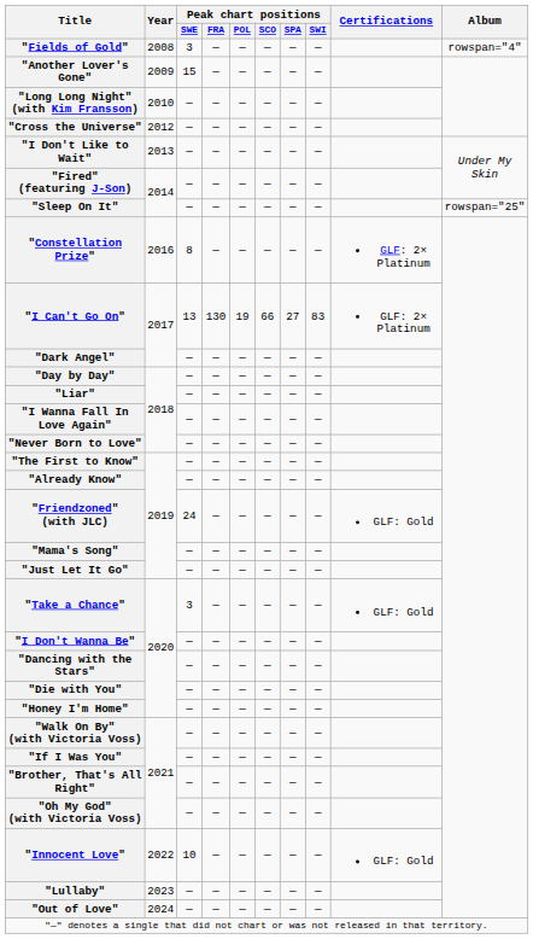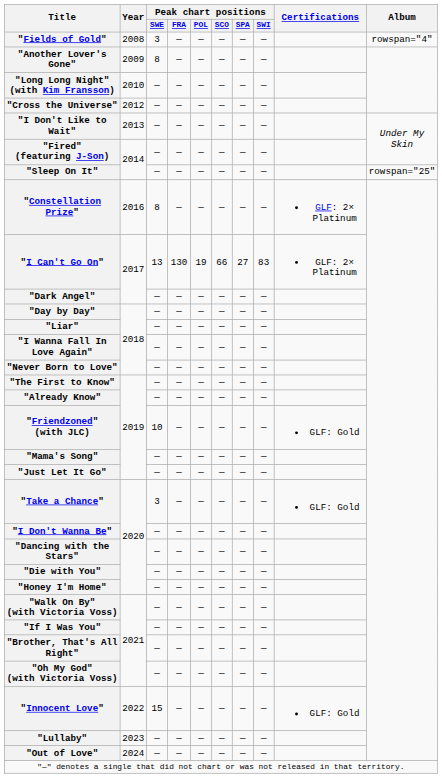 <table class="wikitable plainrowheaders" style="text-align:center;">
 <tr>
 <th scope="col" rowspan="2" style="width:20em;">Title</th>
 <th scope="col" rowspan="2" style="width:1em;">Year</th>
 <th scope="col" colspan="6">Peak chart positions</th>
 <th scope="col" rowspan="2" style="width:12em;"><a href='#'>Certifications</a></th>
 <th scope="col" rowspan="2">Album</th>
 </tr>
 <tr>
 <th scope="col" style="width:3em;font-size:85%;"><a href='#'>SWE</a><br></th>
 <th scope="col" style="width:3em;font-size:85%;"><a href='#'>FRA</a><br></th>
 <th scope="col" style="width:3em;font-size:85%;"><a href='#'>POL</a><br></th>
 <th scope="col" style="width:3em;font-size:85%;"><a href='#'>SCO</a><br></th>
 <th scope="col" style="width:3em;font-size:85%;"><a href='#'>SPA</a><br></th>
 <th scope="col" style="width:3em;font-size:85%;"><a href='#'>SWI</a><br></th>
 </tr>
 <tr>
 <th scope="row">"<a href='#'>Fields of Gold</a>"</th>
 <td>2008</td>
 <td>3</td>
 <td>—</td>
 <td>—</td>
 <td>—</td>
 <td>—</td>
 <td>—</td>
 <td></td>
 <td>rowspan="4" </td>
 </tr>
 <tr>
 <th scope="row">"Another Lover's Gone"</th>
 <td>2009</td>
-<td>15</td>
+<td>8</td>
 <td>—</td>
 <td>—</td>
 <td>—</td>
 <td>—</td>
 <td>—</td>
 <td></td>
 </tr>
 <tr>
 <th scope="row">"Long Long Night"<br><span>(with <a href='#'>Kim Fransson</a>)</span></th>
 <td>2010</td>
 <td>—</td>
 <td>—</td>
 <td>—</td>
 <td>—</td>
 <td>—</td>
 <td>—</td>
 <td></td>
 </tr>
 <tr>
 <th scope="row">"Cross the Universe"</th>
 <td>2012</td>
 <td>—</td>
 <td>—</td>
 <td>—</td>
 <td>—</td>
 <td>—</td>
 <td>—</td>
 <td></td>
 </tr>
 <tr>
 <th scope="row">"I Don't Like to Wait"</th>
 <td>2013</td>
 <td>—</td>
 <td>—</td>
 <td>—</td>
 <td>—</td>
 <td>—</td>
 <td>—</td>
 <td></td>
 <td rowspan="2"><em>Under My Skin</em></td>
 </tr>
 <tr>
 <th scope="row">"Fired"<br><span>(featuring <a href='#'>J-Son</a>)</span></th>
 <td rowspan="2">2014</td>
 <td>—</td>
 <td>—</td>
 <td>—</td>
 <td>—</td>
 <td>—</td>
 <td>—</td>
 <td></td>
 </tr>
 <tr>
 <th scope="row">"Sleep On It"</th>
 <td>—</td>
 <td>—</td>
 <td>—</td>
 <td>—</td>
 <td>—</td>
 <td>—</td>
 <td></td>
 <td>rowspan="25" </td>
 </tr>
 <tr>
 <th scope="row">"<a href='#'>Constellation Prize</a>"</th>
 <td>2016</td>
 <td>8</td>
 <td>—</td>
 <td>—</td>
 <td>—</td>
 <td>—</td>
 <td>—</td>
 <td><br><ul><li><a href='#'>GLF</a>: 2× Platinum</li></ul></td>
 </tr>
 <tr>
 <th scope="row">"<a href='#'>I Can't Go On</a>"</th>
 <td rowspan="2">2017</td>
 <td>13</td>
 <td>130</td>
 <td>19</td>
 <td>66</td>
 <td>27</td>
 <td>83</td>
 <td><br><ul><li>GLF: 2× Platinum</li></ul></td>
 </tr>
 <tr>
 <th scope="row">"Dark Angel"</th>
 <td>—</td>
 <td>—</td>
 <td>—</td>
 <td>—</td>
 <td>—</td>
 <td>—</td>
 <td></td>
 </tr>
 <tr>
 <th scope="row">"Day by Day"</th>
 <td rowspan="4">2018</td>
 <td>—</td>
 <td>—</td>
 <td>—</td>
 <td>—</td>
 <td>—</td>
 <td>—</td>
 <td></td>
 </tr>
 <tr>
 <th scope="row">"Liar"</th>
 <td>—</td>
 <td>—</td>
 <td>—</td>
 <td>—</td>
 <td>—</td>
 <td>—</td>
 <td></td>
 </tr>
 <tr>
 <th scope="row">"I Wanna Fall In Love Again"</th>
 <td>—</td>
 <td>—</td>
 <td>—</td>
 <td>—</td>
 <td>—</td>
 <td>—</td>
 <td></td>
 </tr>
 <tr>
 <th scope="row">"Never Born to Love"</th>
 <td>—</td>
 <td>—</td>
 <td>—</td>
 <td>—</td>
 <td>—</td>
 <td>—</td>
 <td></td>
 </tr>
 <tr>
 <th scope="row">"The First to Know"</th>
 <td rowspan="5">2019</td>
 <td>—</td>
 <td>—</td>
 <td>—</td>
 <td>—</td>
 <td>—</td>
 <td>—</td>
 <td></td>
 </tr>
 <tr>
 <th scope="row">"Already Know"</th>
 <td>—</td>
 <td>—</td>
 <td>—</td>
 <td>—</td>
 <td>—</td>
 <td>—</td>
 <td></td>
 </tr>
 <tr>
 <th scope="row">"<a href='#'>Friendzoned</a>"<br><span>(with JLC)</span></th>
-<td>24</td>
+<td>10</td>
 <td>—</td>
 <td>—</td>
 <td>—</td>
 <td>—</td>
 <td>—</td>
 <td><br><ul><li>GLF: Gold</li></ul></td>
 </tr>
 <tr>
 <th scope="row">"Mama's Song"</th>
 <td>—</td>
 <td>—</td>
 <td>—</td>
 <td>—</td>
 <td>—</td>
 <td>—</td>
 <td></td>
 </tr>
 <tr>
 <th scope="row">"Just Let It Go"</th>
 <td>—</td>
 <td>—</td>
 <td>—</td>
 <td>—</td>
 <td>—</td>
 <td>—</td>
 <td></td>
 </tr>
 <tr>
 <th scope="row">"<a href='#'>Take a Chance</a>"</th>
 <td rowspan="5">2020</td>
 <td>3</td>
 <td>—</td>
 <td>—</td>
 <td>—</td>
 <td>—</td>
 <td>—</td>
 <td><br><ul><li>GLF: Gold</li></ul></td>
 </tr>
 <tr>
 <th scope="row">"<a href='#'>I Don't Wanna Be</a>"</th>
 <td>—</td>
 <td>—</td>
 <td>—</td>
 <td>—</td>
 <td>—</td>
 <td>—</td>
 <td></td>
 </tr>
 <tr>
 <th scope="row">"Dancing with the Stars"</th>
 <td>—</td>
 <td>—</td>
 <td>—</td>
 <td>—</td>
 <td>—</td>
 <td>—</td>
 <td></td>
 </tr>
 <tr>
 <th scope="row">"Die with You"</th>
 <td>—</td>
 <td>—</td>
 <td>—</td>
 <td>—</td>
 <td>—</td>
 <td>—</td>
 <td></td>
 </tr>
 <tr>
 <th scope="row">"Honey I'm Home"</th>
 <td>—</td>
 <td>—</td>
 <td>—</td>
 <td>—</td>
 <td>—</td>
 <td>—</td>
 <td></td>
 </tr>
 <tr>
 <th scope="row">"Walk On By"<br><span>(with Victoria Voss)</span></th>
 <td rowspan="4">2021</td>
 <td>—</td>
 <td>—</td>
 <td>—</td>
 <td>—</td>
 <td>—</td>
 <td>—</td>
 <td></td>
 </tr>
 <tr>
 <th scope="row">"If I Was You"</th>
 <td>—</td>
 <td>—</td>
 <td>—</td>
 <td>—</td>
 <td>—</td>
 <td>—</td>
 <td></td>
 </tr>
 <tr>
 <th scope="row">"Brother, That's All Right"</th>
 <td>—</td>
 <td>—</td>
 <td>—</td>
 <td>—</td>
 <td>—</td>
 <td>—</td>
 <td></td>
 </tr>
 <tr>
 <th scope="row">"Oh My God"<br><span>(with Victoria Voss)</span></th>
 <td>—</td>
 <td>—</td>
 <td>—</td>
 <td>—</td>
 <td>—</td>
 <td>—</td>
 <td></td>
 </tr>
 <tr>
 <th scope="row">"<a href='#'>Innocent Love</a>"</th>
 <td>2022</td>
-<td>10</td>
+<td>15</td>
 <td>—</td>
 <td>—</td>
 <td>—</td>
 <td>—</td>
 <td>—</td>
 <td><br><ul><li>GLF: Gold</li></ul></td>
 </tr>
 <tr>
 <th scope="row">"Lullaby"</th>
 <td>2023</td>
 <td>—</td>
 <td>—</td>
 <td>—</td>
 <td>—</td>
 <td>—</td>
 <td>—</td>
 <td></td>
 </tr>
 <tr>
 <th scope="row">"Out of Love"</th>
 <td>2024</td>
 <td>—</td>
 <td>—</td>
 <td>—</td>
 <td>—</td>
 <td>—</td>
 <td>—</td>
 <td></td>
 </tr>
 <tr>
 <td colspan="21" style="font-size:85%">"—" denotes a single that did not chart or was not released in that territory.</td>
 </tr>
 </table>
